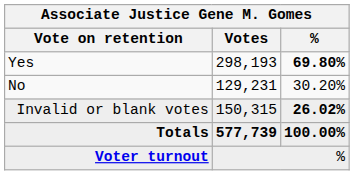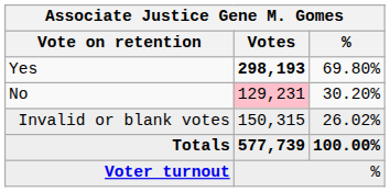 <table class="wikitable" style="font-size: 95%;">
 <tr style="background-color:#E9E9E9">
 <th colspan=7>Associate Justice Gene M. Gomes</th>
 </tr>
 <tr style="background-color:#E9E9E9">
 <th style="width: 170px">Vote on retention</th>
 <th style="width: 50px">Votes</th>
 <th style="width: 40px">%</th>
 </tr>
 <tr>
 <td>Yes</td>
-<td align="right">298,193</td>
-<td align="right"><strong>69.80%</strong></td>
+<td align="right"><strong>298,193</strong></td>
+<td align="right">69.80%</td>
 </tr>
 <tr>
 <td>No</td>
-<td align="right">129,231</td>
+<td align="right" style="background: pink;">129,231</td>
 <td align="right">30.20%</td>
 </tr>
 <tr bgcolor="#EEEEEE">
 <td align="right">Invalid or blank votes</td>
 <td align="right">150,315</td>
-<td align="right"><strong>26.02%</strong></td>
+<td align="right">26.02%</td>
 </tr>
 <tr bgcolor="#EEEEEE">
 <td align="right"><strong>Totals</strong></td>
 <td align="right"><strong>577,739</strong></td>
 <td align="right"><strong>100.00%</strong></td>
 </tr>
 <tr bgcolor="#EEEEEE">
 <td align="right"><strong><a href='#'>Voter turnout</a></strong></td>
 <td colspan="2" align="right">%</td>
 </tr>
 </table>
